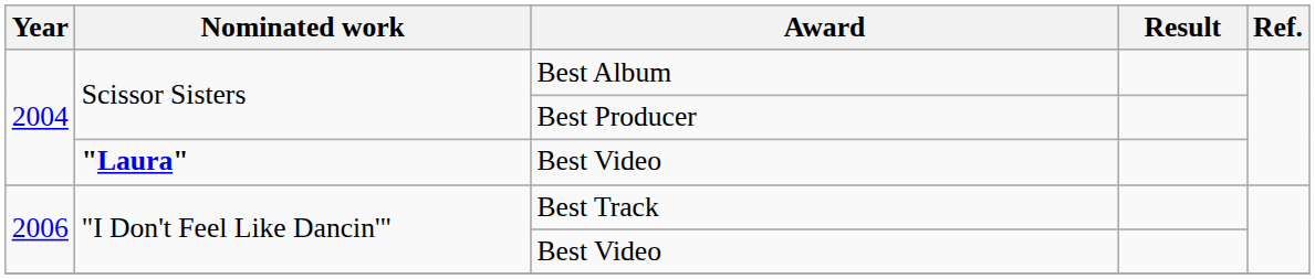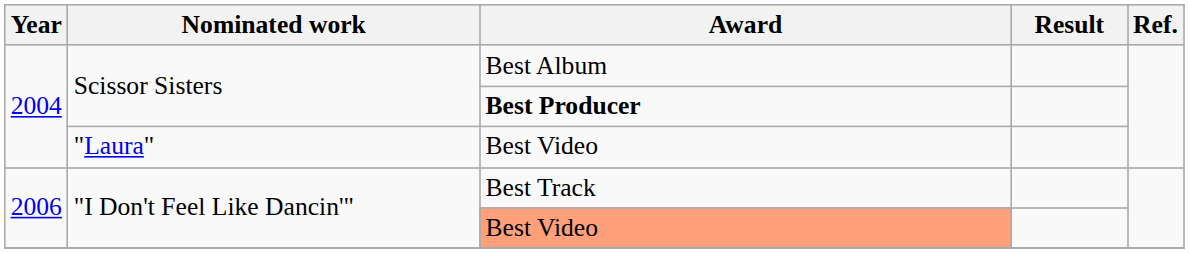 <table class="wikitable">
 <tr>
 <th>Year</th>
 <th width="250">Nominated work</th>
 <th width="325">Award</th>
 <th width="65">Result</th>
 <th>Ref.</th>
 </tr>
 <tr>
 <td align="center" rowspan=3><a href='#'>2004</a></td>
 <td rowspan=2>Scissor Sisters</td>
 <td>Best Album</td>
 <td></td>
 <td align="center" rowspan=3></td>
 </tr>
 <tr>
-<td>Best Producer</td>
+<td><strong>Best Producer</strong></td>
 <td></td>
 </tr>
 <tr>
-<td><strong>"<a href='#'>Laura</a>"</strong></td>
+<td>"<a href='#'>Laura</a>"</td>
 <td>Best Video</td>
 <td></td>
 </tr>
 <tr>
 <td align="center" rowspan=2><a href='#'>2006</a></td>
 <td rowspan=2>"I Don't Feel Like Dancin'"</td>
 <td>Best Track</td>
 <td></td>
 <td align="center" rowspan=2></td>
 </tr>
 <tr>
-<td>Best Video</td>
+<td style="background: lightsalmon;">Best Video</td>
 <td></td>
 </tr>
 <tr>
 </tr>
 </table>
